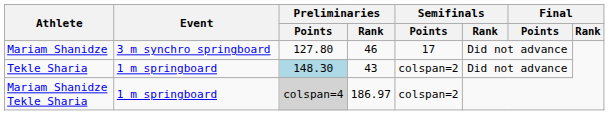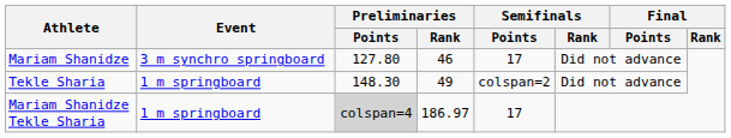 <table class="wikitable" style="text-align:center; font-size:90%; width:50%;">
 <tr>
 <th rowspan=2>Athlete</th>
 <th rowspan=2>Event</th>
 <th colspan=2>Preliminaries</th>
 <th colspan=2>Semifinals</th>
 <th colspan=2>Final</th>
 </tr>
 <tr style="font-size:95%">
 <th>Points</th>
 <th>Rank</th>
 <th>Points</th>
 <th>Rank</th>
 <th>Points</th>
 <th>Rank</th>
 </tr>
 <tr>
 <td align=left><a href='#'>Mariam Shanidze</a></td>
 <td align=left><a href='#'>3 m synchro springboard</a></td>
 <td>127.80</td>
 <td>46</td>
 <td>17</td>
 <td colspan=2>Did not advance</td>
 </tr>
 <tr>
 <td align=left><a href='#'>Tekle Sharia</a></td>
 <td align=left><a href='#'>1 m springboard</a></td>
-<td style="background: lightblue;">148.30</td>
-<td>43</td>
+<td>148.30</td>
+<td>49</td>
 <td>colspan=2 </td>
 <td colspan=2>Did not advance</td>
 </tr>
 <tr>
 <td align=left><a href='#'>Mariam Shanidze</a><br> <a href='#'>Tekle Sharia</a></td>
 <td align=left><a href='#'>1 m springboard</a></td>
 <td style="background: lightgrey;">colspan=4 </td>
 <td>186.97</td>
-<td>colspan=2 </td>
+<td>17</td>
 </tr>
 </table>
